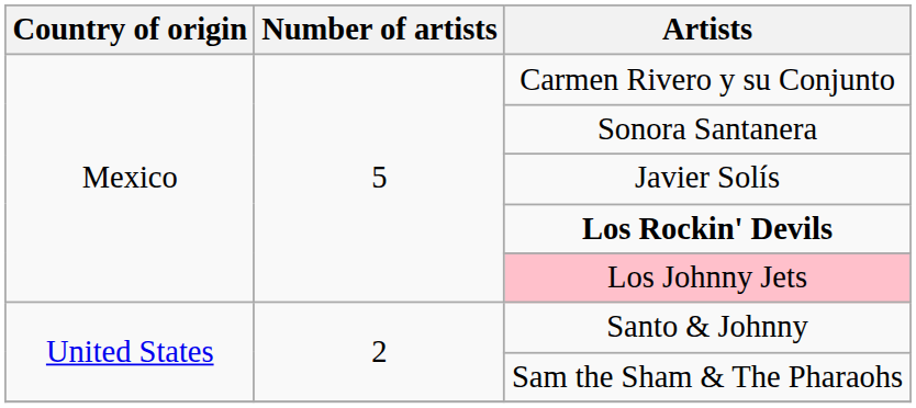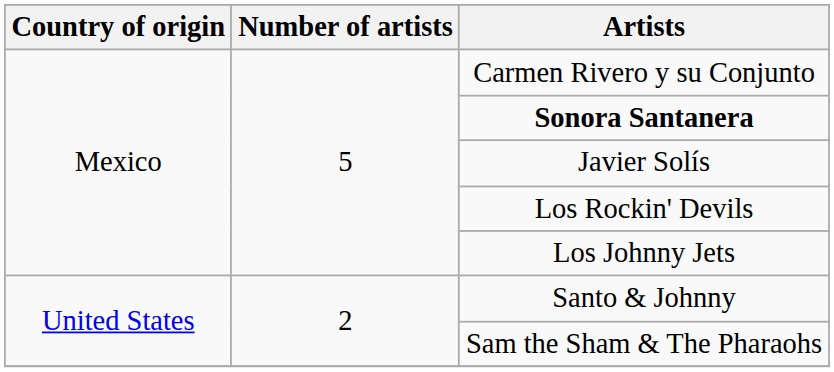 <table class="wikitable">
 <tr>
 <th>Country of origin</th>
 <th>Number of artists</th>
 <th>Artists</th>
 </tr>
 <tr>
 <td align="center" rowspan="5">Mexico</td>
 <td align="center" rowspan="5">5</td>
 <td align="center">Carmen Rivero y su Conjunto</td>
 </tr>
 <tr>
-<td align="center">Sonora Santanera</td>
+<td align="center"><strong>Sonora Santanera</strong></td>
 </tr>
 <tr>
 <td align="center">Javier Solís</td>
 </tr>
 <tr>
-<td align="center"><strong>Los Rockin' Devils</strong></td>
+<td align="center">Los Rockin' Devils</td>
 </tr>
 <tr>
-<td align="center" style="background: pink;">Los Johnny Jets</td>
+<td align="center">Los Johnny Jets</td>
 </tr>
 <tr>
 <td align="center" rowspan="2"><a href='#'>United States</a></td>
 <td align="center" rowspan="2">2</td>
 <td align="center">Santo & Johnny</td>
 </tr>
 <tr>
 <td align="center">Sam the Sham & The Pharaohs</td>
 </tr>
 <tr>
 </tr>
 </table>
